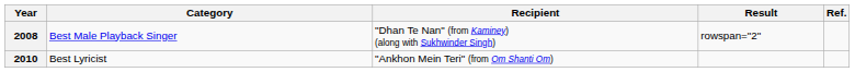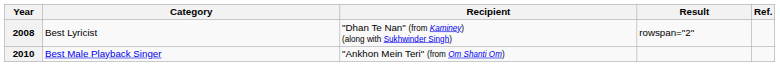 <table class="wikitable plainrowheaders" style="width:100%; textcolor:#000">
 <tr>
 <th scope="col" style="width:5%;"><strong>Year</strong></th>
 <th scope="col" style="width:39%;"><strong>Category</strong></th>
 <th scope="col" style="width:39%;"><strong>Recipient</strong></th>
 <th scope="col" style="width:15%;"><strong>Result</strong></th>
 <th scope="col" style="width:2%;"><strong>Ref.</strong></th>
 </tr>
 <tr>
 <th scope="row">2008</th>
-<td><a href='#'>Best Male Playback Singer</a></td>
+<td>Best Lyricist</td>
 <td>"Dhan Te Nan" <small>(from <em><a href='#'>Kaminey</a></em>)</small><br><small>(along with <a href='#'>Sukhwinder Singh</a>)</small></td>
 <td>rowspan="2" </td>
 <td></td>
 </tr>
 <tr>
 <th scope="row">2010</th>
-<td>Best Lyricist</td>
+<td><a href='#'>Best Male Playback Singer</a></td>
 <td>"Ankhon Mein Teri" <small>(from <em><a href='#'>Om Shanti Om</a></em>)</small></td>
 <td></td>
 </tr>
 </table>
